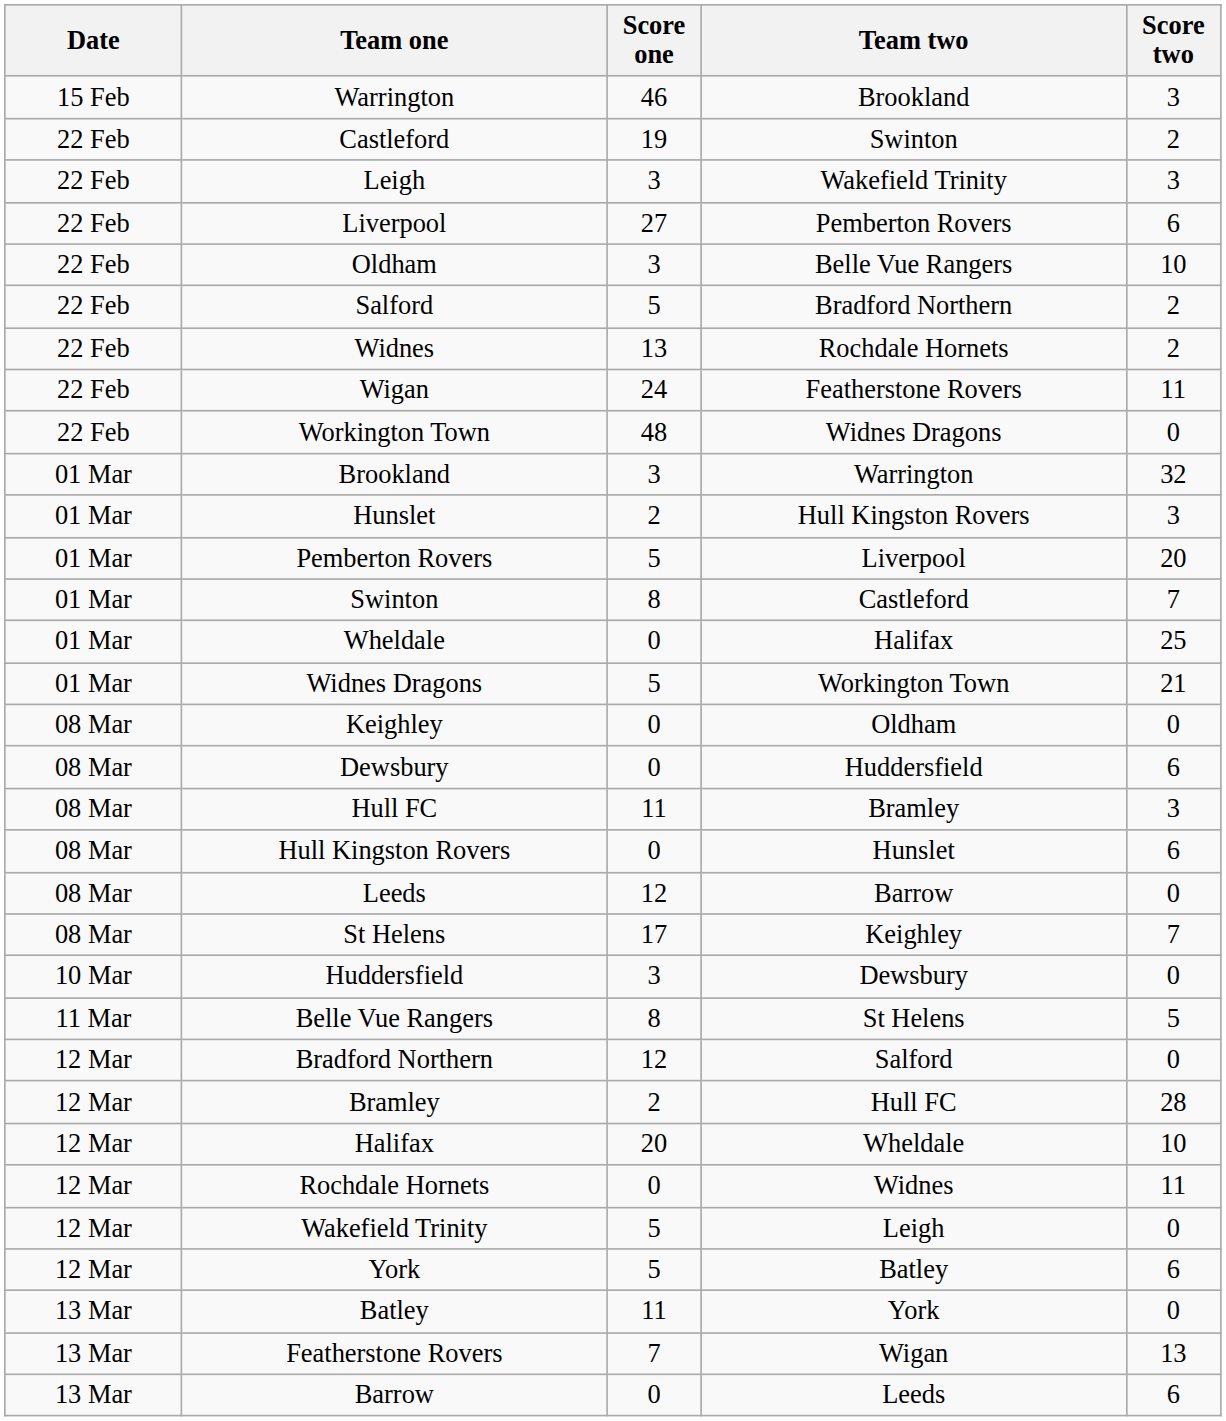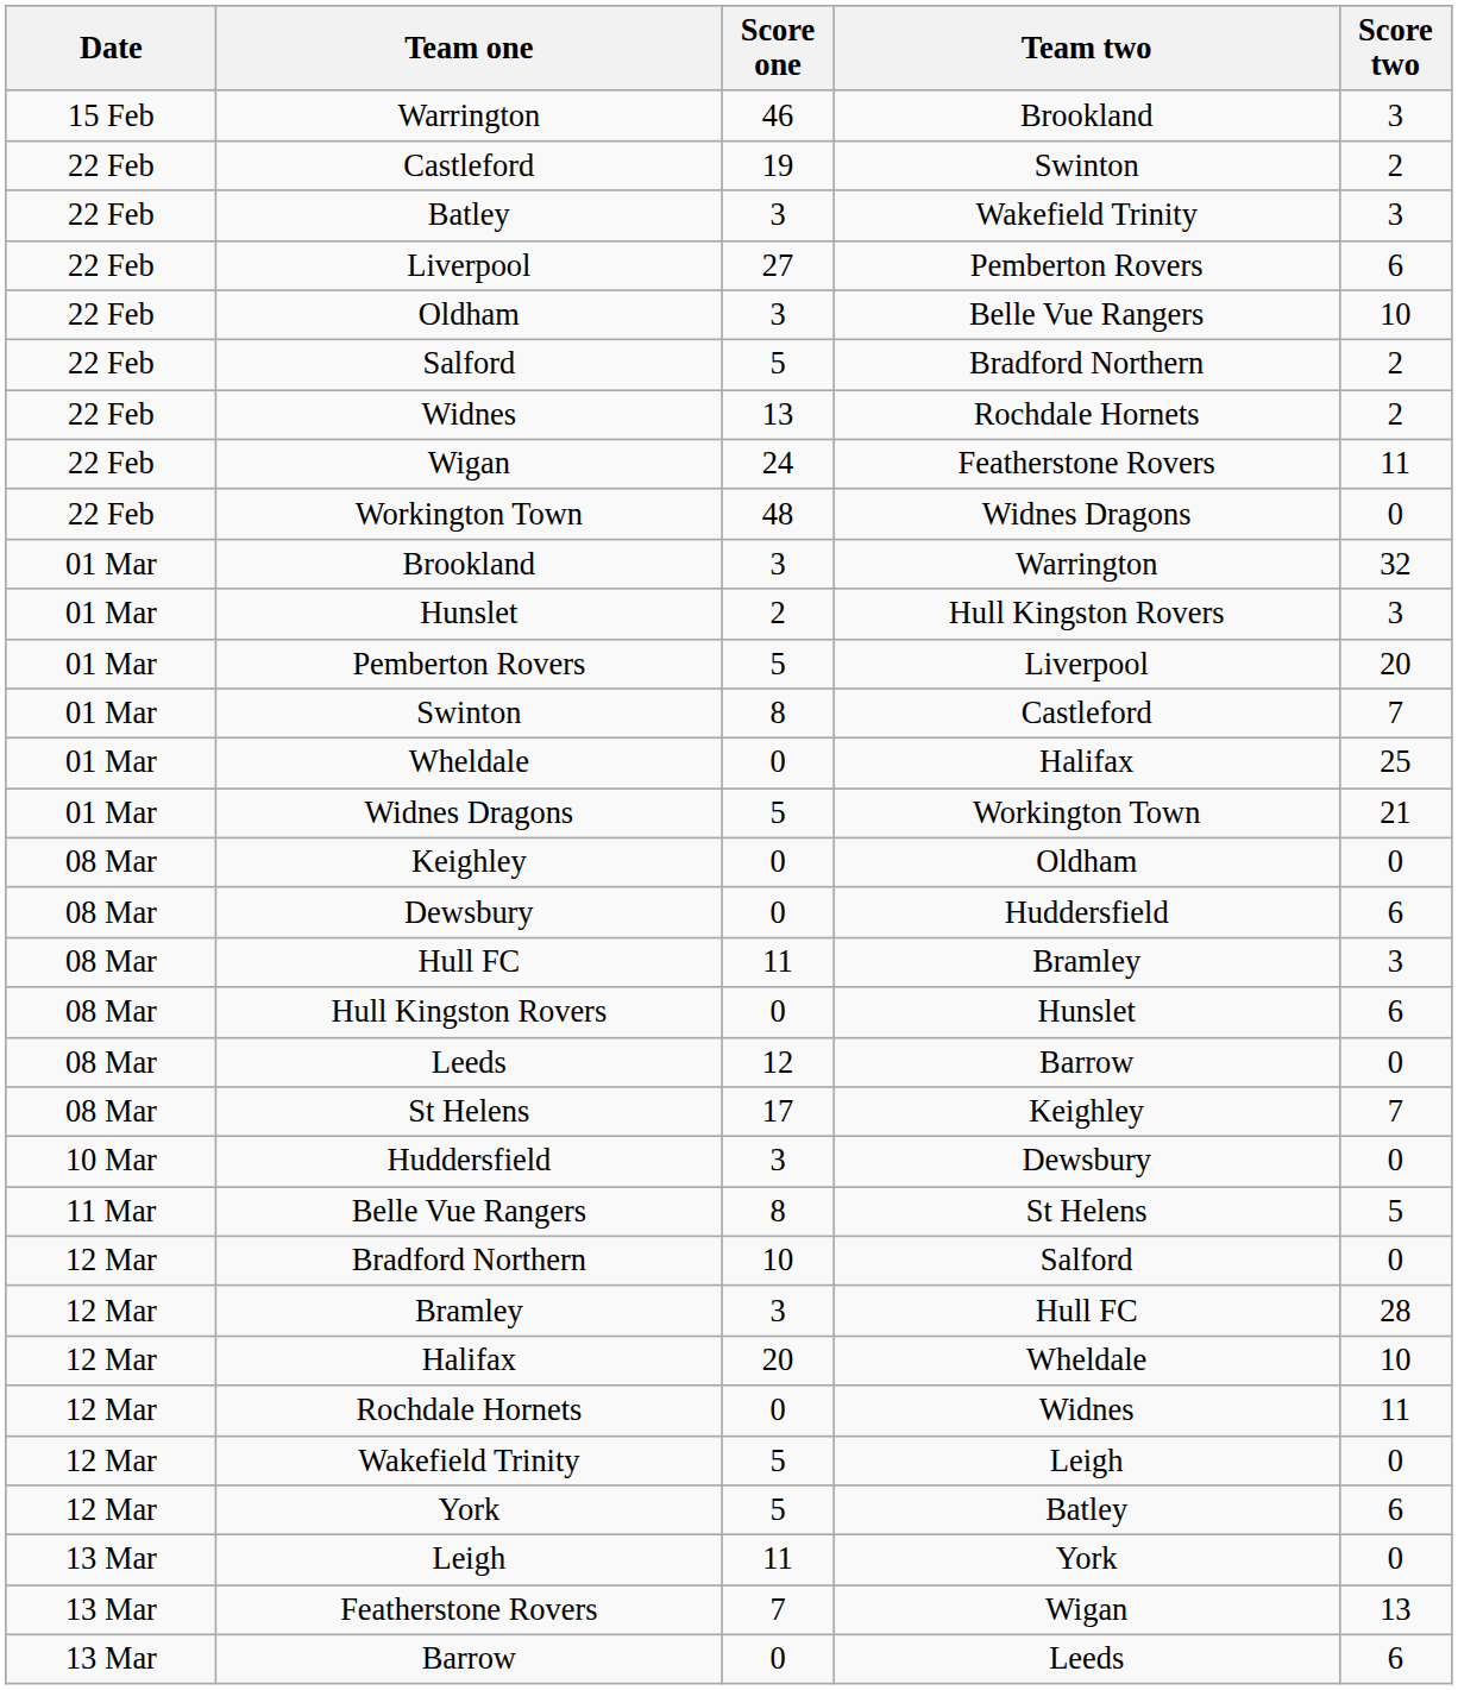 <table class="wikitable" style="text-align: center">
 <tr>
 <th width=100>Date</th>
 <th width=250>Team one</th>
 <th width=50>Score one</th>
 <th width=250>Team two</th>
 <th width=50>Score two</th>
 </tr>
 <tr>
 <td>15 Feb</td>
 <td>Warrington</td>
 <td>46</td>
 <td>Brookland</td>
 <td>3</td>
 </tr>
 <tr>
 <td>22 Feb</td>
 <td>Castleford</td>
 <td>19</td>
 <td>Swinton</td>
 <td>2</td>
 </tr>
 <tr>
 <td>22 Feb</td>
-<td>Leigh</td>
+<td>Batley</td>
 <td>3</td>
 <td>Wakefield Trinity</td>
 <td>3</td>
 </tr>
 <tr>
 <td>22 Feb</td>
 <td>Liverpool</td>
 <td>27</td>
 <td>Pemberton Rovers</td>
 <td>6</td>
 </tr>
 <tr>
 <td>22 Feb</td>
 <td>Oldham</td>
 <td>3</td>
 <td>Belle Vue Rangers</td>
 <td>10</td>
 </tr>
 <tr>
 <td>22 Feb</td>
 <td>Salford</td>
 <td>5</td>
 <td>Bradford Northern</td>
 <td>2</td>
 </tr>
 <tr>
 <td>22 Feb</td>
 <td>Widnes</td>
 <td>13</td>
 <td>Rochdale Hornets</td>
 <td>2</td>
 </tr>
 <tr>
 <td>22 Feb</td>
 <td>Wigan</td>
 <td>24</td>
 <td>Featherstone Rovers</td>
 <td>11</td>
 </tr>
 <tr>
 <td>22 Feb</td>
 <td>Workington Town</td>
 <td>48</td>
 <td>Widnes Dragons</td>
 <td>0</td>
 </tr>
 <tr>
 <td>01 Mar</td>
 <td>Brookland</td>
 <td>3</td>
 <td>Warrington</td>
 <td>32</td>
 </tr>
 <tr>
 <td>01 Mar</td>
 <td>Hunslet</td>
 <td>2</td>
 <td>Hull Kingston Rovers</td>
 <td>3</td>
 </tr>
 <tr>
 <td>01 Mar</td>
 <td>Pemberton Rovers</td>
 <td>5</td>
 <td>Liverpool</td>
 <td>20</td>
 </tr>
 <tr>
 <td>01 Mar</td>
 <td>Swinton</td>
 <td>8</td>
 <td>Castleford</td>
 <td>7</td>
 </tr>
 <tr>
 <td>01 Mar</td>
 <td>Wheldale</td>
 <td>0</td>
 <td>Halifax</td>
 <td>25</td>
 </tr>
 <tr>
 <td>01 Mar</td>
 <td>Widnes Dragons</td>
 <td>5</td>
 <td>Workington Town</td>
 <td>21</td>
 </tr>
 <tr>
 <td>08 Mar</td>
 <td>Keighley</td>
 <td>0</td>
 <td>Oldham</td>
 <td>0</td>
 </tr>
 <tr>
 <td>08 Mar</td>
 <td>Dewsbury</td>
 <td>0</td>
 <td>Huddersfield</td>
 <td>6</td>
 </tr>
 <tr>
 <td>08 Mar</td>
 <td>Hull FC</td>
 <td>11</td>
 <td>Bramley</td>
 <td>3</td>
 </tr>
 <tr>
 <td>08 Mar</td>
 <td>Hull Kingston Rovers</td>
 <td>0</td>
 <td>Hunslet</td>
 <td>6</td>
 </tr>
 <tr>
 <td>08 Mar</td>
 <td>Leeds</td>
 <td>12</td>
 <td>Barrow</td>
 <td>0</td>
 </tr>
 <tr>
 <td>08 Mar</td>
 <td>St Helens</td>
 <td>17</td>
 <td>Keighley</td>
 <td>7</td>
 </tr>
 <tr>
 <td>10 Mar</td>
 <td>Huddersfield</td>
 <td>3</td>
 <td>Dewsbury</td>
 <td>0</td>
 </tr>
 <tr>
 <td>11 Mar</td>
 <td>Belle Vue Rangers</td>
 <td>8</td>
 <td>St Helens</td>
 <td>5</td>
 </tr>
 <tr>
 <td>12 Mar</td>
 <td>Bradford Northern</td>
-<td>12</td>
+<td>10</td>
 <td>Salford</td>
 <td>0</td>
 </tr>
 <tr>
 <td>12 Mar</td>
 <td>Bramley</td>
-<td>2</td>
+<td>3</td>
 <td>Hull FC</td>
 <td>28</td>
 </tr>
 <tr>
 <td>12 Mar</td>
 <td>Halifax</td>
 <td>20</td>
 <td>Wheldale</td>
 <td>10</td>
 </tr>
 <tr>
 <td>12 Mar</td>
 <td>Rochdale Hornets</td>
 <td>0</td>
 <td>Widnes</td>
 <td>11</td>
 </tr>
 <tr>
 <td>12 Mar</td>
 <td>Wakefield Trinity</td>
 <td>5</td>
 <td>Leigh</td>
 <td>0</td>
 </tr>
 <tr>
 <td>12 Mar</td>
 <td>York</td>
 <td>5</td>
 <td>Batley</td>
 <td>6</td>
 </tr>
 <tr>
 <td>13 Mar</td>
-<td>Batley</td>
+<td>Leigh</td>
 <td>11</td>
 <td>York</td>
 <td>0</td>
 </tr>
 <tr>
 <td>13 Mar</td>
 <td>Featherstone Rovers</td>
 <td>7</td>
 <td>Wigan</td>
 <td>13</td>
 </tr>
 <tr>
 <td>13 Mar</td>
 <td>Barrow</td>
 <td>0</td>
 <td>Leeds</td>
 <td>6</td>
 </tr>
 </table>
